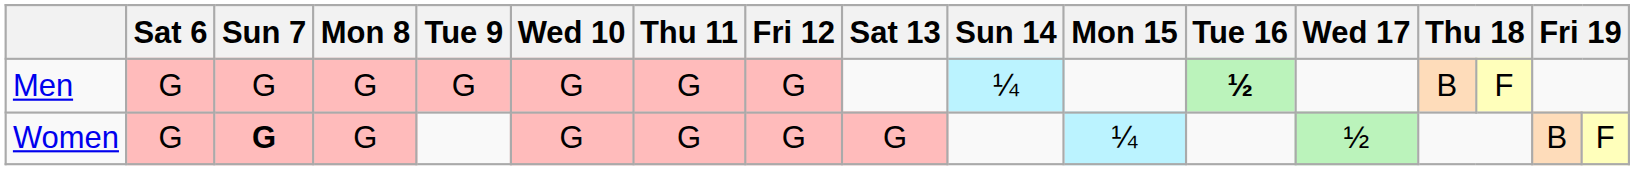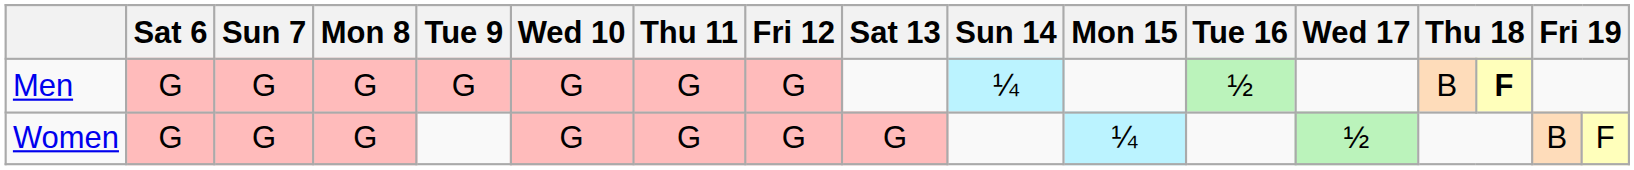 <table class="wikitable" style="margin:0.5em auto; font-size:90%; line-height:1.25em;text-align:center">
 <tr>
 <th></th>
 <th>Sat 6</th>
 <th>Sun 7</th>
 <th>Mon 8</th>
 <th>Tue 9</th>
 <th>Wed 10</th>
 <th>Thu 11</th>
 <th>Fri 12</th>
 <th>Sat 13</th>
 <th>Sun 14</th>
 <th>Mon 15</th>
 <th>Tue 16</th>
 <th>Wed 17</th>
 <th colspan="2">Thu 18</th>
 <th colspan="2">Fri 19</th>
 </tr>
 <tr>
 <td align="left"><a href='#'>Men</a></td>
 <td bgcolor="#FFBBBB">G</td>
 <td bgcolor="#FFBBBB">G</td>
 <td bgcolor="#FFBBBB">G</td>
 <td bgcolor="#FFBBBB">G</td>
 <td bgcolor="#FFBBBB">G</td>
 <td bgcolor="#FFBBBB">G</td>
 <td bgcolor="#FFBBBB">G</td>
 <td></td>
 <td bgcolor="#BBF3FF">¼</td>
 <td></td>
-<td bgcolor="#BBF3BB"><strong>½</strong></td>
+<td bgcolor="#BBF3BB">½</td>
 <td></td>
 <td bgcolor="#FEDCBA">B</td>
-<td bgcolor="#FFFFBB">F</td>
+<td bgcolor="#FFFFBB"><strong>F</strong></td>
 <td colspan="2"></td>
 </tr>
 <tr>
 <td align="left"><a href='#'>Women</a></td>
 <td bgcolor="#FFBBBB">G</td>
-<td bgcolor="#FFBBBB"><strong>G</strong></td>
+<td bgcolor="#FFBBBB">G</td>
 <td bgcolor="#FFBBBB">G</td>
 <td></td>
 <td bgcolor="#FFBBBB">G</td>
 <td bgcolor="#FFBBBB">G</td>
 <td bgcolor="#FFBBBB">G</td>
 <td bgcolor="#FFBBBB">G</td>
 <td></td>
 <td bgcolor="#BBF3FF">¼</td>
 <td></td>
 <td bgcolor="#BBF3BB">½</td>
 <td colspan="2"></td>
 <td bgcolor="#FEDCBA">B</td>
 <td bgcolor="#FFFFBB">F</td>
 </tr>
 </table>
